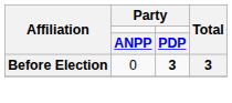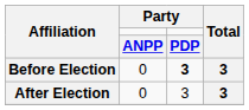 <table class="wikitable" style="text-align:center">
 <tr>
 <th rowspan="3">Affiliation</th>
 <th colspan="2">Party</th>
 <th rowspan="3">Total</th>
 </tr>
 <tr>
 <td style="background-color:"></td>
 <td style="background-color:"></td>
 </tr>
 <tr>
 <th><a href='#'>ANPP</a></th>
 <th><a href='#'>PDP</a></th>
 </tr>
 <tr>
 <th>Before Election</th>
 <td>0</td>
 <td><strong>3</strong></td>
 <th>3</th>
 </tr>
 <tr>
+<th>After Election</th>
+<td>0</td>
+<td>3</td>
+<th>3</th>
+</tr>
+<tr>
 </tr>
 </table>
